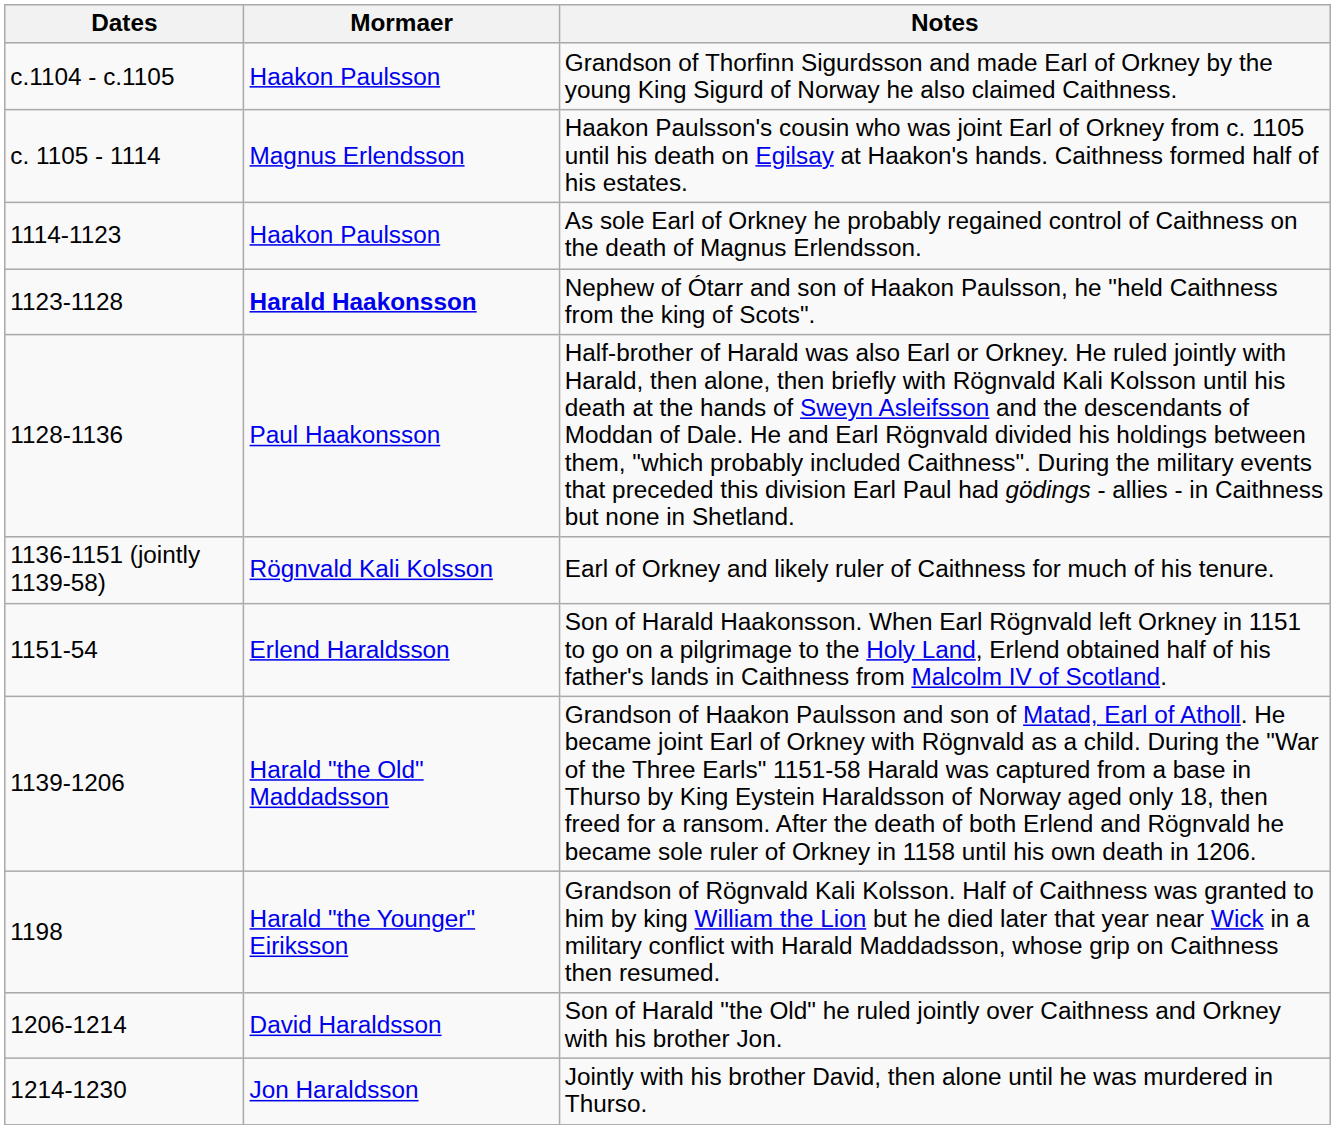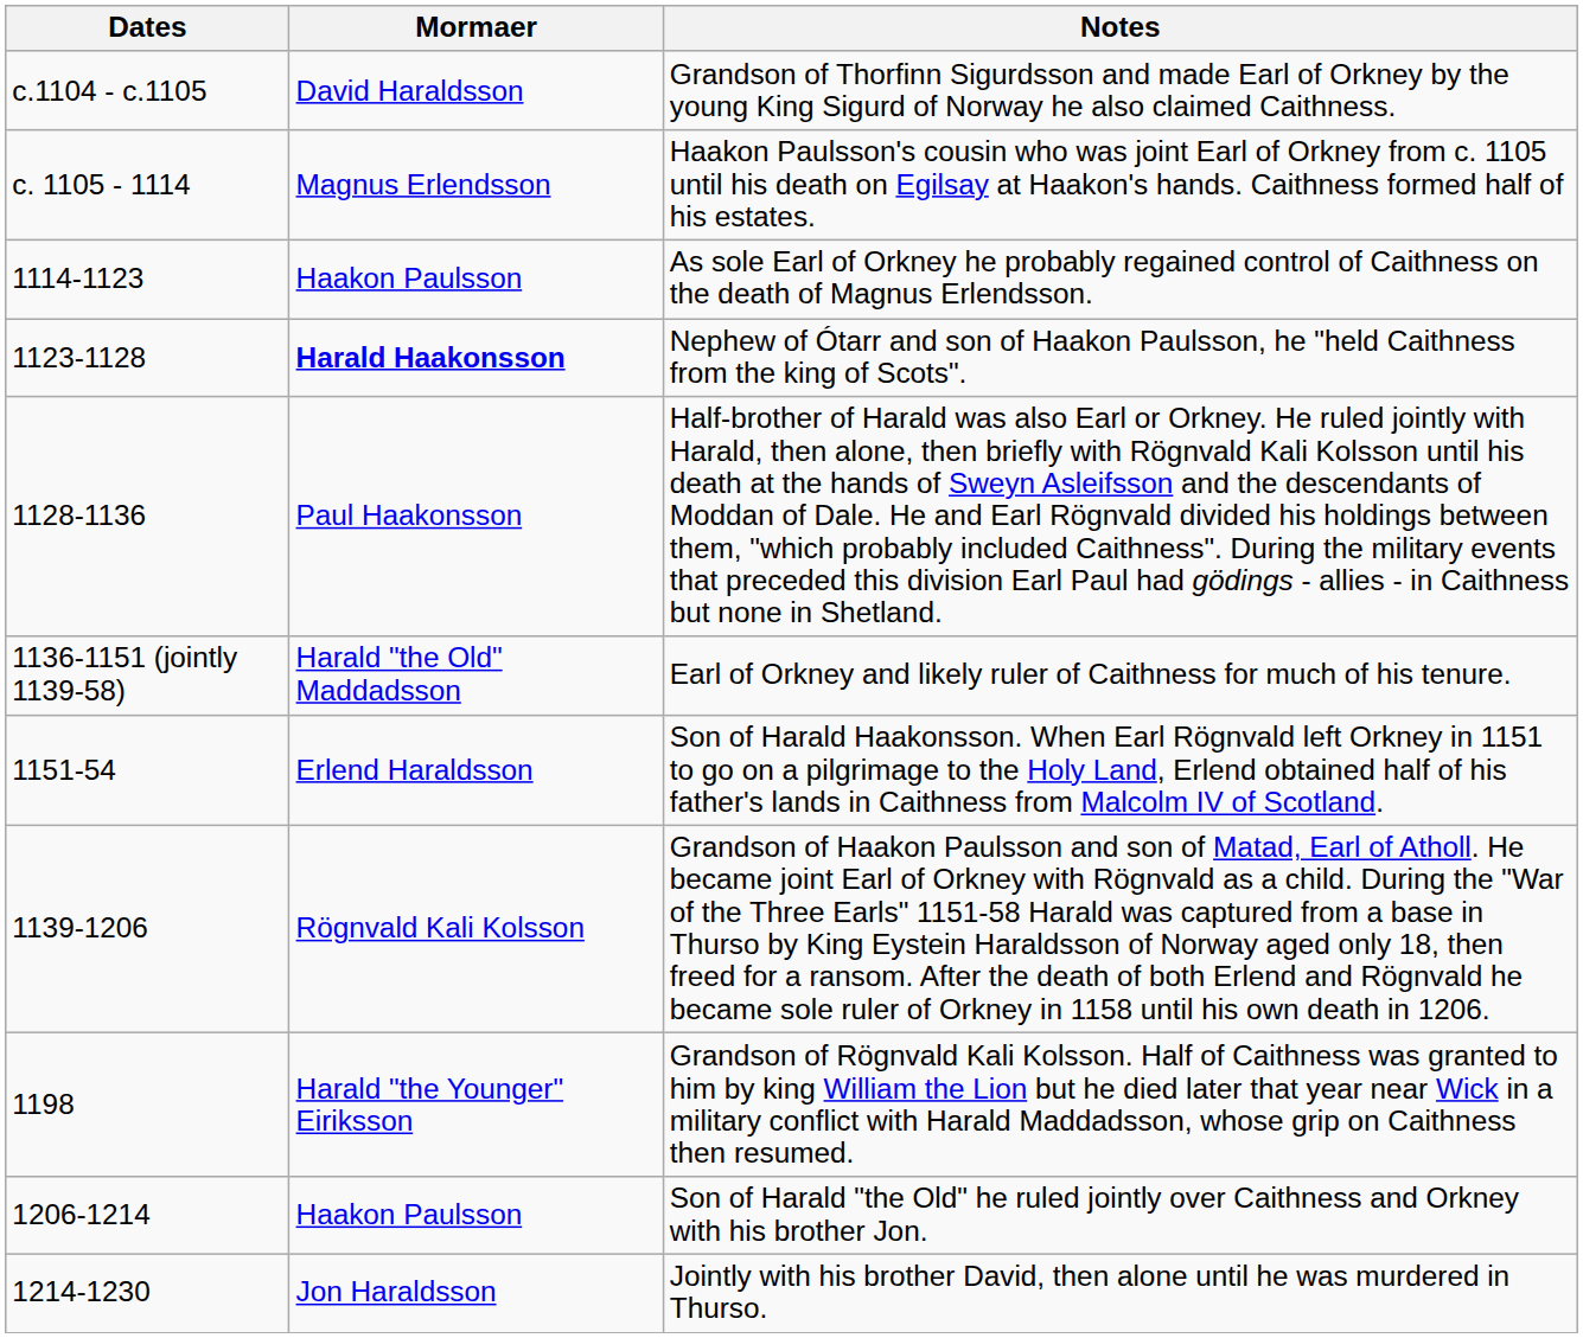 <table class="wikitable">
 <tr>
 <th scope="col" width="150">Dates</th>
 <th scope="col" width="200">Mormaer</th>
 <th scope="col" width="500">Notes</th>
 </tr>
 <tr>
 <td>c.1104 - c.1105</td>
-<td><a href='#'>Haakon Paulsson</a></td>
+<td><a href='#'>David Haraldsson</a></td>
 <td>Grandson of Thorfinn Sigurdsson and made Earl of Orkney by the young King Sigurd of Norway he also claimed Caithness.</td>
 </tr>
 <tr>
 <td>c. 1105 - 1114</td>
 <td><a href='#'>Magnus Erlendsson</a></td>
 <td>Haakon Paulsson's cousin who was joint Earl of Orkney from c. 1105 until his death on <a href='#'>Egilsay</a> at Haakon's hands. Caithness formed half of his estates.</td>
 </tr>
 <tr>
 <td>1114-1123</td>
 <td><a href='#'>Haakon Paulsson</a></td>
 <td>As sole Earl of Orkney he probably regained control of Caithness on the death of Magnus Erlendsson.</td>
 </tr>
 <tr>
 <td>1123-1128</td>
 <td><strong><a href='#'>Harald Haakonsson</a></strong></td>
 <td>Nephew of Ótarr and son of Haakon Paulsson, he "held Caithness from the king of Scots".</td>
 </tr>
 <tr>
 <td>1128-1136</td>
 <td><a href='#'>Paul Haakonsson</a></td>
 <td>Half-brother of Harald was also Earl or Orkney. He ruled jointly with Harald, then alone, then briefly with Rögnvald Kali Kolsson until his death at the hands of <a href='#'>Sweyn Asleifsson</a> and the descendants of Moddan of Dale. He and Earl Rögnvald divided his holdings between them, "which probably included Caithness". During the military events that preceded this division Earl Paul had <em>gödings</em> - allies  - in Caithness but none in Shetland.</td>
 </tr>
 <tr>
 <td>1136-1151 (jointly 1139-58)</td>
-<td><a href='#'>Rögnvald Kali Kolsson</a></td>
+<td><a href='#'>Harald "the Old" Maddadsson</a></td>
 <td>Earl of Orkney and likely ruler of Caithness for much of his tenure.</td>
 </tr>
 <tr>
 <td>1151-54</td>
 <td><a href='#'>Erlend Haraldsson</a></td>
 <td>Son of Harald Haakonsson. When Earl Rögnvald left Orkney in 1151 to go on a pilgrimage to the <a href='#'>Holy Land</a>, Erlend obtained half of his father's lands in Caithness from <a href='#'>Malcolm IV of Scotland</a>.</td>
 </tr>
 <tr>
 <td>1139-1206</td>
-<td><a href='#'>Harald "the Old" Maddadsson</a></td>
+<td><a href='#'>Rögnvald Kali Kolsson</a></td>
 <td>Grandson of Haakon Paulsson and son of <a href='#'>Matad, Earl of Atholl</a>. He became joint Earl of Orkney with Rögnvald as a child. During the "War of the Three Earls" 1151-58 Harald was captured from a base in Thurso by King Eystein Haraldsson of Norway aged only 18, then freed for a ransom. After the death of both Erlend and Rögnvald he became sole ruler of Orkney in 1158 until his own death in 1206.</td>
 </tr>
 <tr>
 <td>1198</td>
 <td><a href='#'>Harald "the Younger" Eiriksson</a></td>
 <td>Grandson of Rögnvald Kali Kolsson. Half of Caithness was granted to him by king <a href='#'>William the Lion</a> but he died later that year near <a href='#'>Wick</a> in a military conflict with Harald Maddadsson, whose grip on Caithness then resumed.</td>
 </tr>
 <tr>
 <td>1206-1214</td>
-<td><a href='#'>David Haraldsson</a></td>
+<td><a href='#'>Haakon Paulsson</a></td>
 <td>Son of Harald "the Old" he ruled jointly over Caithness and Orkney with his brother Jon.</td>
 </tr>
 <tr>
 <td>1214-1230</td>
 <td><a href='#'>Jon Haraldsson</a></td>
 <td>Jointly with his brother David, then alone until he was murdered in Thurso.</td>
 </tr>
 <tr>
 </tr>
 </table>
